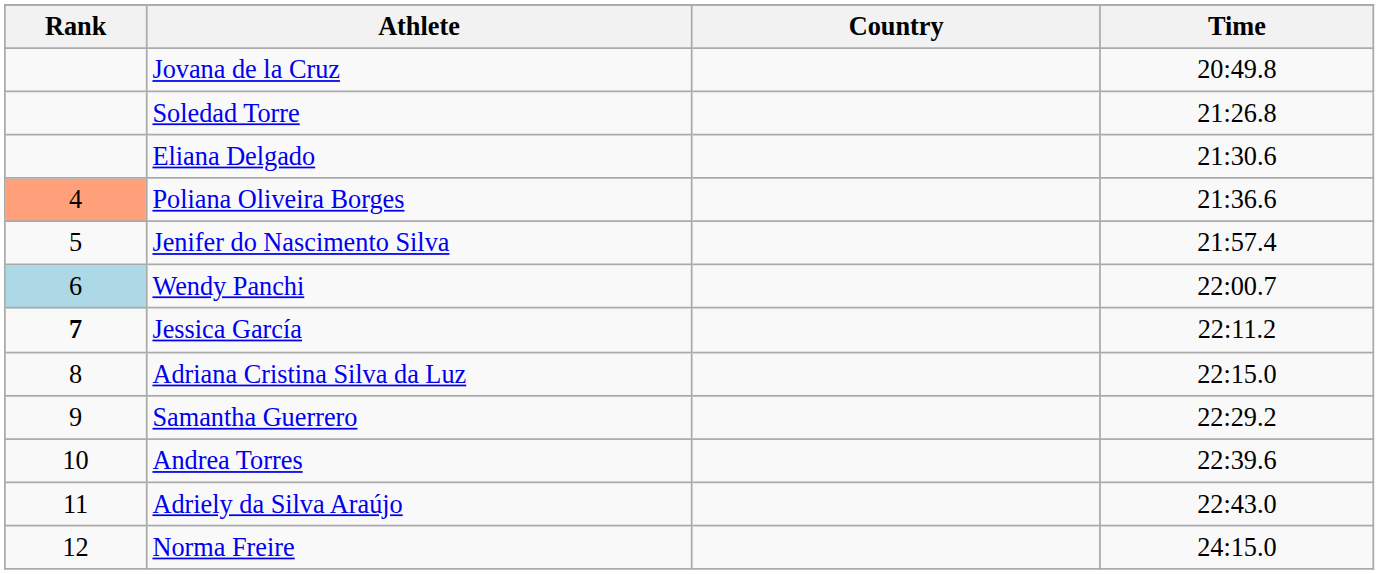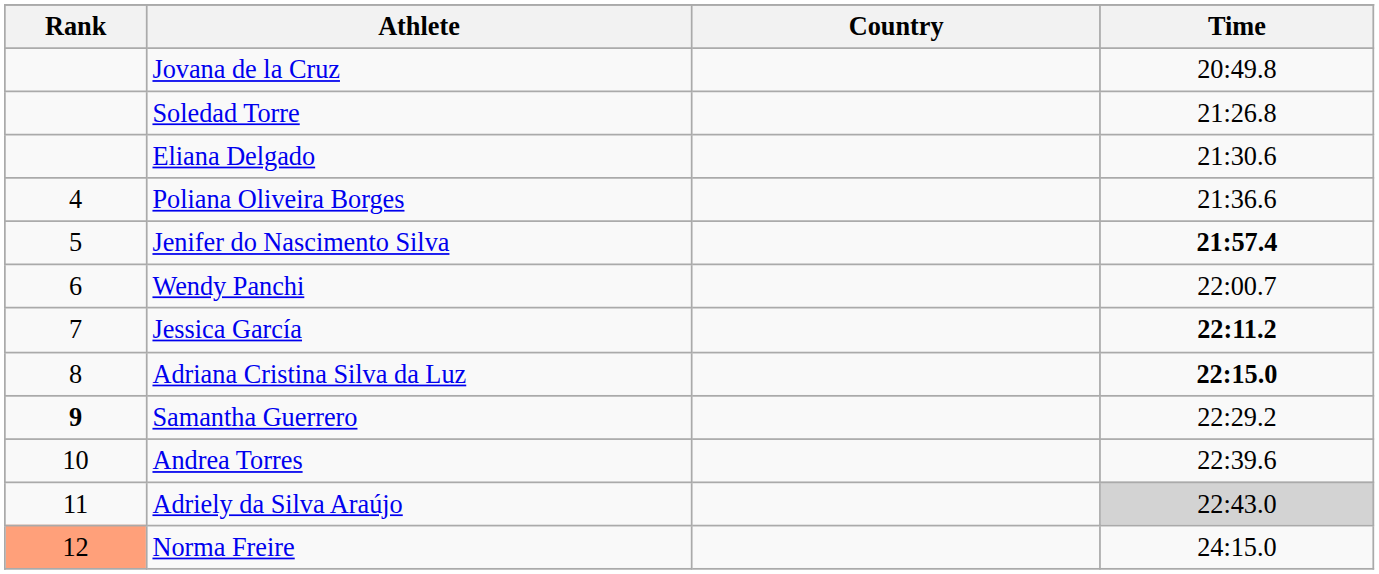 <table class="wikitable sortable" style=" text-align:center; font-size:95%;" width="50%">
 <tr>
 </tr>
 <tr>
 <th width=5%>Rank</th>
 <th width=20%>Athlete</th>
 <th width=15%>Country</th>
 <th width=10%>Time</th>
 </tr>
 <tr>
 <td align=center></td>
 <td align=left><a href='#'>Jovana de la Cruz</a></td>
 <td align=left></td>
 <td>20:49.8</td>
 </tr>
 <tr>
 <td align=center></td>
 <td align=left><a href='#'>Soledad Torre</a></td>
 <td align=left></td>
 <td>21:26.8</td>
 </tr>
 <tr>
 <td align=center></td>
 <td align=left><a href='#'>Eliana Delgado</a></td>
 <td align=left></td>
 <td>21:30.6</td>
 </tr>
 <tr>
-<td align=center style="background: lightsalmon;">4</td>
+<td align=center>4</td>
 <td align=left><a href='#'>Poliana Oliveira Borges</a></td>
 <td align=left></td>
 <td>21:36.6</td>
 </tr>
 <tr>
 <td align=center>5</td>
 <td align=left><a href='#'>Jenifer do Nascimento Silva</a></td>
 <td align=left></td>
-<td>21:57.4</td>
+<td><strong>21:57.4</strong></td>
 </tr>
 <tr>
-<td align=center style="background: lightblue;">6</td>
+<td align=center>6</td>
 <td align=left><a href='#'>Wendy Panchi</a></td>
 <td align=left></td>
 <td>22:00.7</td>
 </tr>
 <tr>
-<td align=center><strong>7</strong></td>
+<td align=center>7</td>
 <td align=left><a href='#'>Jessica García</a></td>
 <td align=left></td>
-<td>22:11.2</td>
+<td><strong>22:11.2</strong></td>
 </tr>
 <tr>
 <td align=center>8</td>
 <td align=left><a href='#'>Adriana Cristina Silva da Luz</a></td>
 <td align=left></td>
-<td>22:15.0</td>
+<td><strong>22:15.0</strong></td>
 </tr>
 <tr>
-<td align=center>9</td>
+<td align=center><strong>9</strong></td>
 <td align=left><a href='#'>Samantha Guerrero</a></td>
 <td align=left></td>
 <td>22:29.2</td>
 </tr>
 <tr>
 <td align=center>10</td>
 <td align=left><a href='#'>Andrea Torres</a></td>
 <td align=left></td>
 <td>22:39.6</td>
 </tr>
 <tr>
 <td align=center>11</td>
 <td align=left><a href='#'>Adriely da Silva Araújo</a></td>
 <td align=left></td>
-<td>22:43.0</td>
+<td style="background: lightgrey;">22:43.0</td>
 </tr>
 <tr>
-<td align=center>12</td>
+<td align=center style="background: lightsalmon;">12</td>
 <td align=left><a href='#'>Norma Freire</a></td>
 <td align=left></td>
 <td>24:15.0</td>
 </tr>
 </table>
